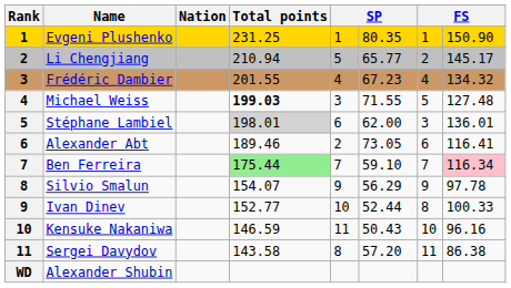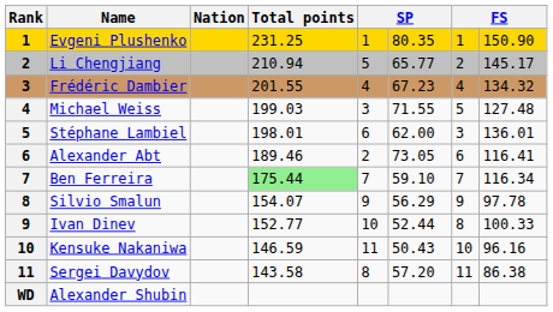 <table class="wikitable">
 <tr>
 <th>Rank</th>
 <th>Name</th>
 <th>Nation</th>
 <th>Total points</th>
 <th colspan="2" width="80px"><a href='#'>SP</a></th>
 <th colspan="2" width="80px"><a href='#'>FS</a></th>
 </tr>
 <tr bgcolor="gold">
 <td align="center"><strong>1</strong></td>
 <td><a href='#'>Evgeni Plushenko</a></td>
 <td></td>
 <td>231.25</td>
 <td>1</td>
 <td>80.35</td>
 <td>1</td>
 <td>150.90</td>
 </tr>
 <tr bgcolor="silver">
 <td align="center"><strong>2</strong></td>
 <td><a href='#'>Li Chengjiang</a></td>
 <td></td>
 <td>210.94</td>
 <td>5</td>
 <td>65.77</td>
 <td>2</td>
 <td>145.17</td>
 </tr>
 <tr bgcolor="cc9966">
 <td align="center"><strong>3</strong></td>
 <td><a href='#'>Frédéric Dambier</a></td>
 <td></td>
 <td>201.55</td>
 <td>4</td>
 <td>67.23</td>
 <td>4</td>
 <td>134.32</td>
 </tr>
 <tr>
 <th>4</th>
 <td><a href='#'>Michael Weiss</a></td>
 <td></td>
-<td><strong>199.03</strong></td>
+<td>199.03</td>
 <td>3</td>
 <td>71.55</td>
 <td>5</td>
 <td>127.48</td>
 </tr>
 <tr>
 <th>5</th>
 <td><a href='#'>Stéphane Lambiel</a></td>
 <td></td>
-<td style="background: lightgrey;">198.01</td>
+<td>198.01</td>
 <td>6</td>
 <td>62.00</td>
 <td>3</td>
 <td>136.01</td>
 </tr>
 <tr>
 <th>6</th>
 <td><a href='#'>Alexander Abt</a></td>
 <td></td>
 <td>189.46</td>
 <td>2</td>
 <td>73.05</td>
 <td>6</td>
 <td>116.41</td>
 </tr>
 <tr>
 <th>7</th>
 <td><a href='#'>Ben Ferreira</a></td>
 <td></td>
 <td style="background: lightgreen;">175.44</td>
 <td>7</td>
 <td>59.10</td>
 <td>7</td>
-<td style="background: pink;">116.34</td>
+<td>116.34</td>
 </tr>
 <tr>
 <th>8</th>
 <td><a href='#'>Silvio Smalun</a></td>
 <td></td>
 <td>154.07</td>
 <td>9</td>
 <td>56.29</td>
 <td>9</td>
 <td>97.78</td>
 </tr>
 <tr>
 <th>9</th>
 <td><a href='#'>Ivan Dinev</a></td>
 <td></td>
 <td>152.77</td>
 <td>10</td>
 <td>52.44</td>
 <td>8</td>
 <td>100.33</td>
 </tr>
 <tr>
 <th>10</th>
 <td><a href='#'>Kensuke Nakaniwa</a></td>
 <td></td>
 <td>146.59</td>
 <td>11</td>
 <td>50.43</td>
 <td>10</td>
 <td>96.16</td>
 </tr>
 <tr>
 <th>11</th>
 <td><a href='#'>Sergei Davydov</a></td>
 <td></td>
 <td>143.58</td>
 <td>8</td>
 <td>57.20</td>
 <td>11</td>
 <td>86.38</td>
 </tr>
 <tr>
 <th>WD</th>
 <td><a href='#'>Alexander Shubin</a></td>
 <td></td>
 <td></td>
 <td></td>
 <td></td>
 <td></td>
 <td></td>
 </tr>
 </table>
